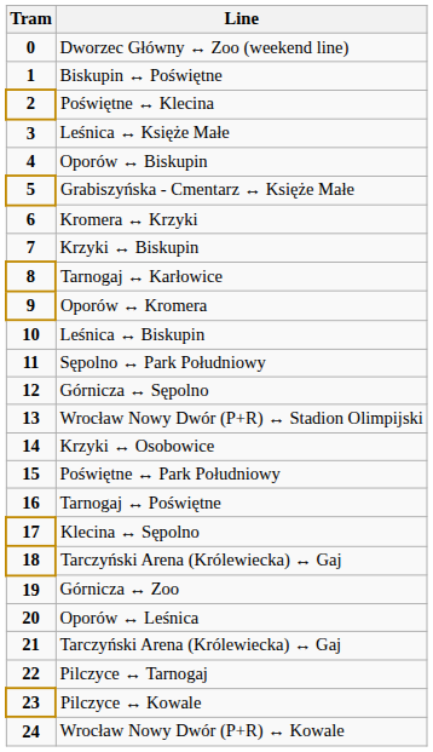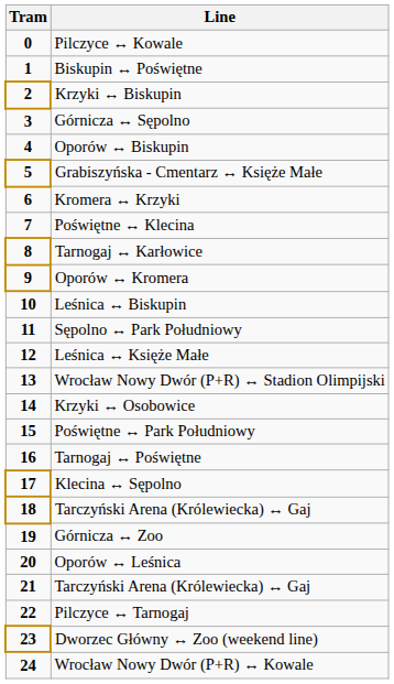 <table class="wikitable">
 <tr>
 <th>Tram</th>
 <th>Line</th>
 </tr>
 <tr>
 <td style="text-align:center;"><strong><span>0</span></strong></td>
-<td>Dworzec Główny ↔  Zoo (weekend line)</td>
+<td>Pilczyce ↔ Kowale</td>
 </tr>
 <tr>
 <td style="text-align:center;"><strong><span>1</span></strong></td>
 <td>Biskupin ↔ Poświętne</td>
 </tr>
 <tr>
 <td style="border: 2px solid #C18A02; text-align:center;"><strong><span>2</span></strong></td>
-<td>Poświętne ↔ Klecina</td>
+<td>Krzyki ↔ Biskupin</td>
 </tr>
 <tr>
 <td style="text-align:center;"><strong><span>3</span></strong></td>
-<td>Leśnica ↔ Księże Małe</td>
+<td>Górnicza ↔ Sępolno</td>
 </tr>
 <tr>
 <td style="text-align:center;"><strong><span>4</span></strong></td>
 <td>Oporów ↔ Biskupin</td>
 </tr>
 <tr>
 <td style="border: 2px solid #C18A02; text-align:center;"><strong><span>5</span></strong></td>
 <td>Grabiszyńska - Cmentarz ↔ Księże Małe</td>
 </tr>
 <tr>
 <td style="text-align:center;"><strong><span>6</span></strong></td>
 <td>Kromera ↔ Krzyki</td>
 </tr>
 <tr>
 <td style="text-align:center;"><strong><span>7</span></strong></td>
-<td>Krzyki ↔ Biskupin</td>
+<td>Poświętne ↔ Klecina</td>
 </tr>
 <tr>
 <td style="border: 2px solid #C18A02; text-align:center;"><strong><span>8</span></strong></td>
 <td>Tarnogaj ↔ Karłowice</td>
 </tr>
 <tr>
 <td style="border: 2px solid #C18A02; text-align:center;"><strong><span>9</span></strong></td>
 <td>Oporów ↔ Kromera</td>
 </tr>
 <tr>
 <td style="text-align:center;"><strong><span>10</span></strong></td>
 <td>Leśnica ↔ Biskupin</td>
 </tr>
 <tr>
 <td style="text-align:center;"><strong><span>11</span></strong></td>
 <td>Sępolno ↔ Park Południowy</td>
 </tr>
 <tr>
 <td style="text-align:center;"><strong><span>12</span></strong></td>
-<td>Górnicza ↔ Sępolno</td>
+<td>Leśnica ↔ Księże Małe</td>
 </tr>
 <tr>
 <td style="text-align:center;"><strong><span>13</span></strong></td>
 <td>Wrocław Nowy Dwór (P+R) ↔ Stadion Olimpijski</td>
 </tr>
 <tr>
 <td style="text-align:center;"><strong><span>14</span></strong></td>
 <td>Krzyki ↔ Osobowice</td>
 </tr>
 <tr>
 <td style="text-align:center;"><strong><span>15</span></strong></td>
 <td>Poświętne ↔ Park Południowy</td>
 </tr>
 <tr>
 <td style="text-align:center;"><strong><span>16</span></strong></td>
 <td>Tarnogaj ↔ Poświętne</td>
 </tr>
 <tr>
 <td style="border: 2px solid #C18A02; text-align:center;"><strong><span>17</span></strong></td>
 <td>Klecina ↔ Sępolno</td>
 </tr>
 <tr>
 <td style="border: 2px solid #C18A02; text-align:center;"><strong><span>18</span></strong></td>
 <td>Tarczyński Arena (Królewiecka) ↔ Gaj</td>
 </tr>
 <tr>
 <td style="text-align:center;"><strong><span>19</span></strong></td>
 <td>Górnicza ↔ Zoo</td>
 </tr>
 <tr>
 <td style="text-align:center;"><strong><span>20</span></strong></td>
 <td>Oporów ↔ Leśnica</td>
 </tr>
 <tr>
 <td style="text-align:center;"><strong><span>21</span></strong></td>
 <td>Tarczyński  Arena (Królewiecka) ↔ Gaj</td>
 </tr>
 <tr>
 <td style="text-align:center;"><strong><span>22</span></strong></td>
 <td>Pilczyce ↔ Tarnogaj</td>
 </tr>
 <tr>
 <td style="border: 2px solid #C18A02; text-align:center;"><strong><span>23</span></strong></td>
-<td>Pilczyce ↔ Kowale</td>
+<td>Dworzec Główny ↔  Zoo (weekend line)</td>
 </tr>
 <tr>
 <td style="text-align:center;"><strong><span>24</span></strong></td>
 <td>Wrocław Nowy Dwór (P+R) ↔ Kowale</td>
 </tr>
 </table>
